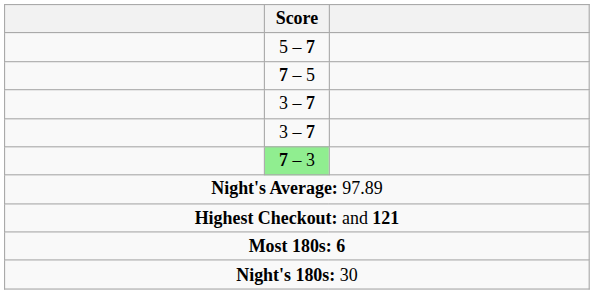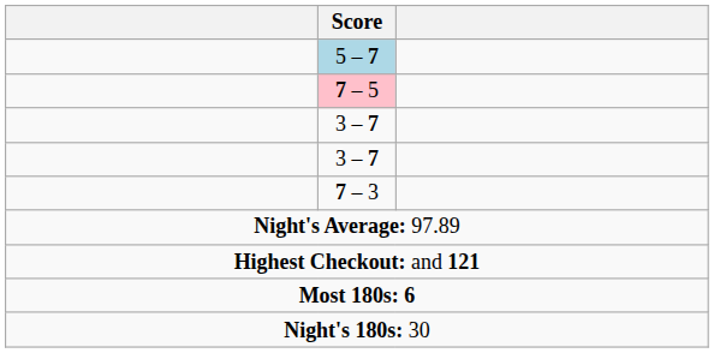 <table class=wikitable style="text-align:center">
 <tr>
 <th width=225></th>
 <th width=50>Score</th>
 <th width=225></th>
 </tr>
 <tr align=left>
 <td align=right></td>
-<td align=center>5 – <strong>7</strong></td>
+<td align=center style="background: lightblue;">5 – <strong>7</strong></td>
 <td></td>
 </tr>
 <tr align=left>
 <td align=right></td>
-<td align=center><strong>7</strong> – 5</td>
+<td align=center style="background: pink;"><strong>7</strong> – 5</td>
 <td></td>
 </tr>
 <tr align=left>
 <td align=right></td>
 <td align=center>3 – <strong>7</strong></td>
 <td></td>
 </tr>
 <tr align=left>
 <td align=right></td>
 <td align=center>3 – <strong>7</strong></td>
 <td></td>
 </tr>
 <tr align=left>
 <td align=right></td>
-<td align=center style="background: lightgreen;"><strong>7</strong> –  3</td>
+<td align=center><strong>7</strong> –  3</td>
 <td></td>
 </tr>
 <tr align=center>
 <td colspan="3"><strong>Night's Average:</strong> 97.89</td>
 </tr>
 <tr align=center>
 <td colspan="3"><strong>Highest Checkout:</strong>  and  <strong>121</strong></td>
 </tr>
 <tr align=center>
 <td colspan="3"><strong>Most 180s:</strong>  <strong>6</strong></td>
 </tr>
 <tr align=center>
 <td colspan="3"><strong>Night's 180s:</strong> 30</td>
 </tr>
 </table>
